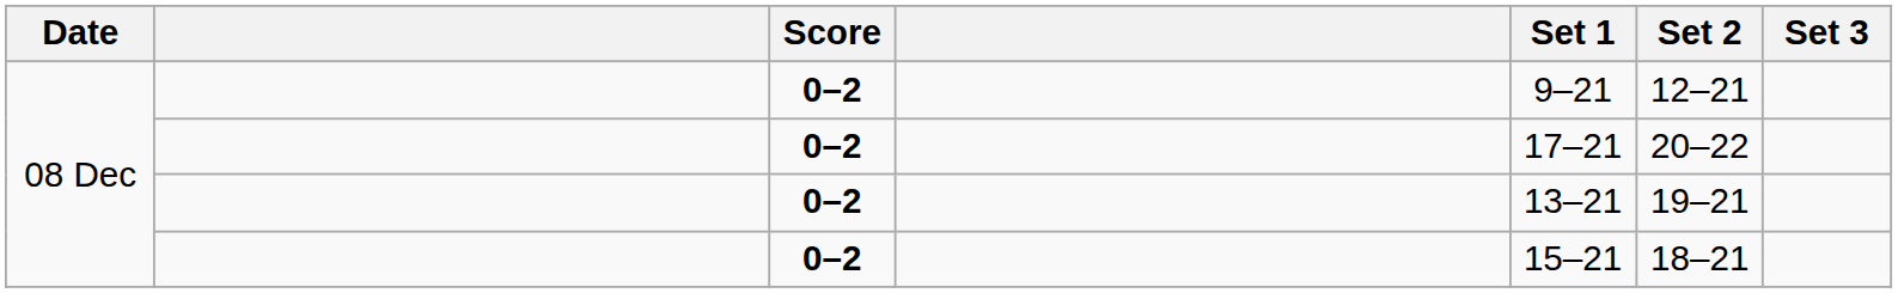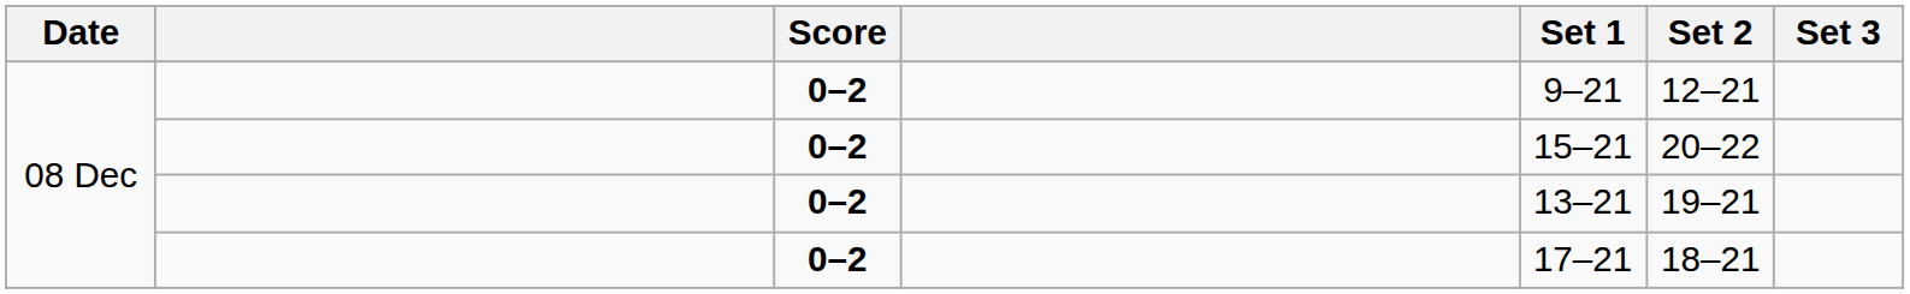 <table class="wikitable" style="text-align: center;">
 <tr>
 <th width="60">Date</th>
 <th align="right" width="270"></th>
 <th width="50">Score</th>
 <th align="left" width="270"></th>
 <th width="50">Set 1</th>
 <th width="50">Set 2</th>
 <th width="50">Set 3</th>
 </tr>
 <tr>
 <td rowspan=4>08 Dec</td>
 <td align=left></td>
 <td align=center><strong>0–2</strong></td>
 <td align=left><strong></strong></td>
 <td>9–21</td>
 <td>12–21</td>
 <td></td>
 </tr>
 <tr>
 <td align=left></td>
 <td align=center><strong>0–2</strong></td>
 <td align=left><strong></strong></td>
-<td>17–21</td>
+<td>15–21</td>
 <td>20–22</td>
 <td></td>
 </tr>
 <tr>
 <td align=left></td>
 <td align=center><strong>0–2</strong></td>
 <td align=left><strong></strong></td>
 <td>13–21</td>
 <td>19–21</td>
 <td></td>
 </tr>
 <tr>
 <td align=left></td>
 <td align=center><strong>0–2</strong></td>
 <td align=left><strong></strong></td>
-<td>15–21</td>
+<td>17–21</td>
 <td>18–21</td>
 <td></td>
 </tr>
 </table>
